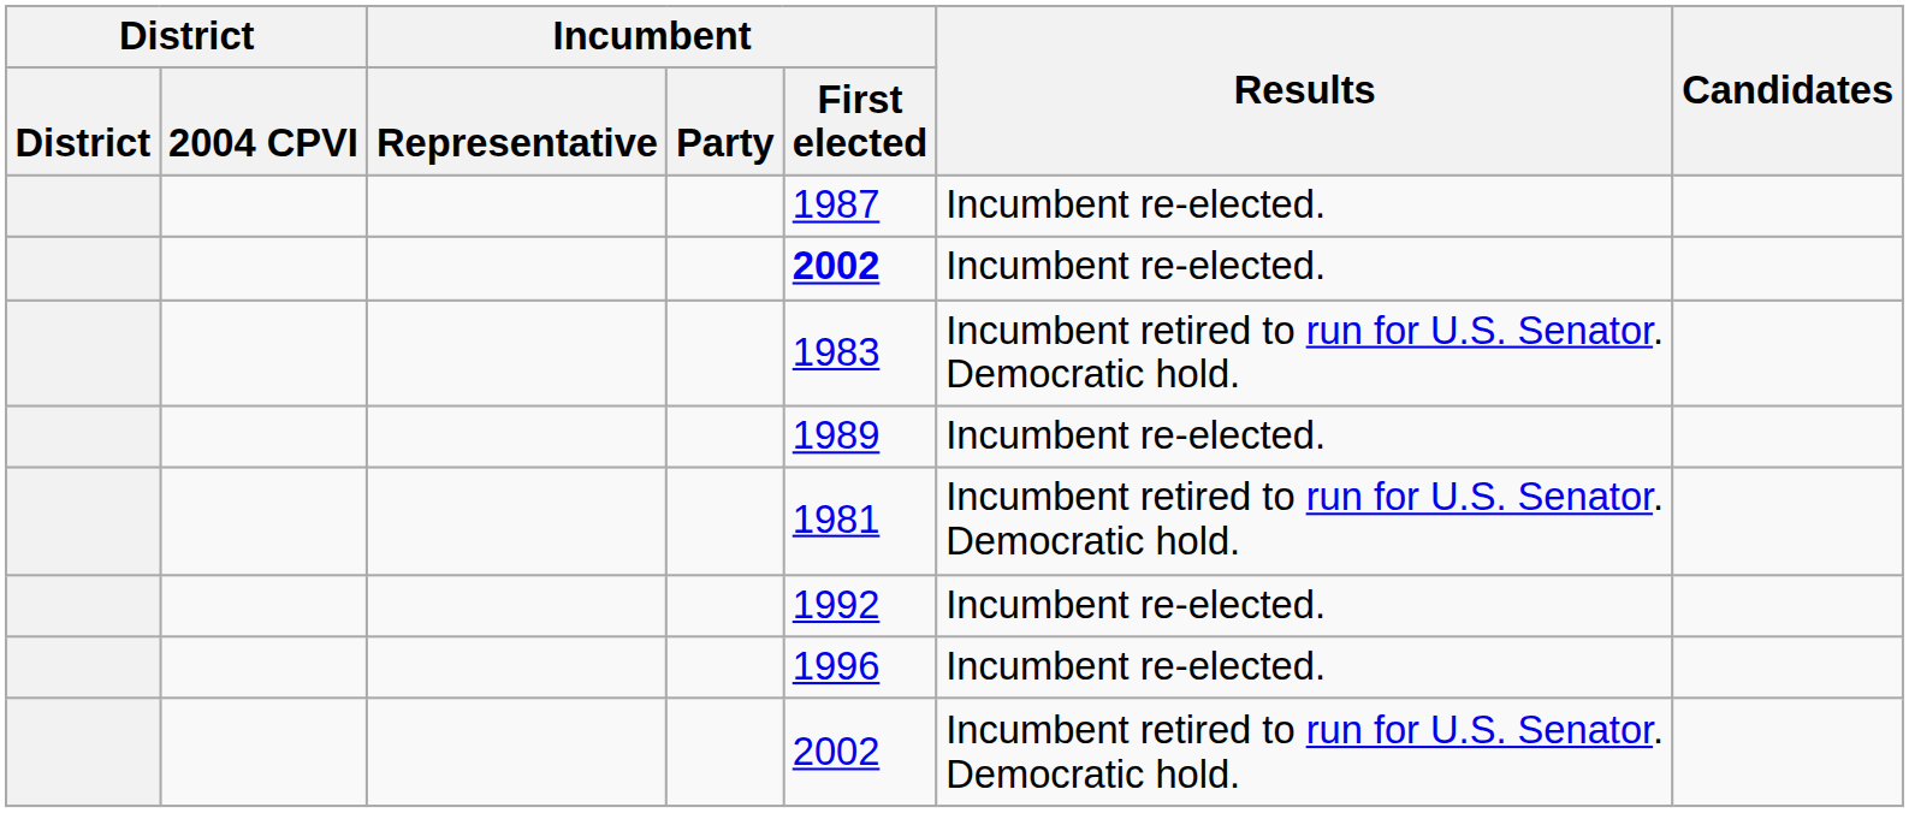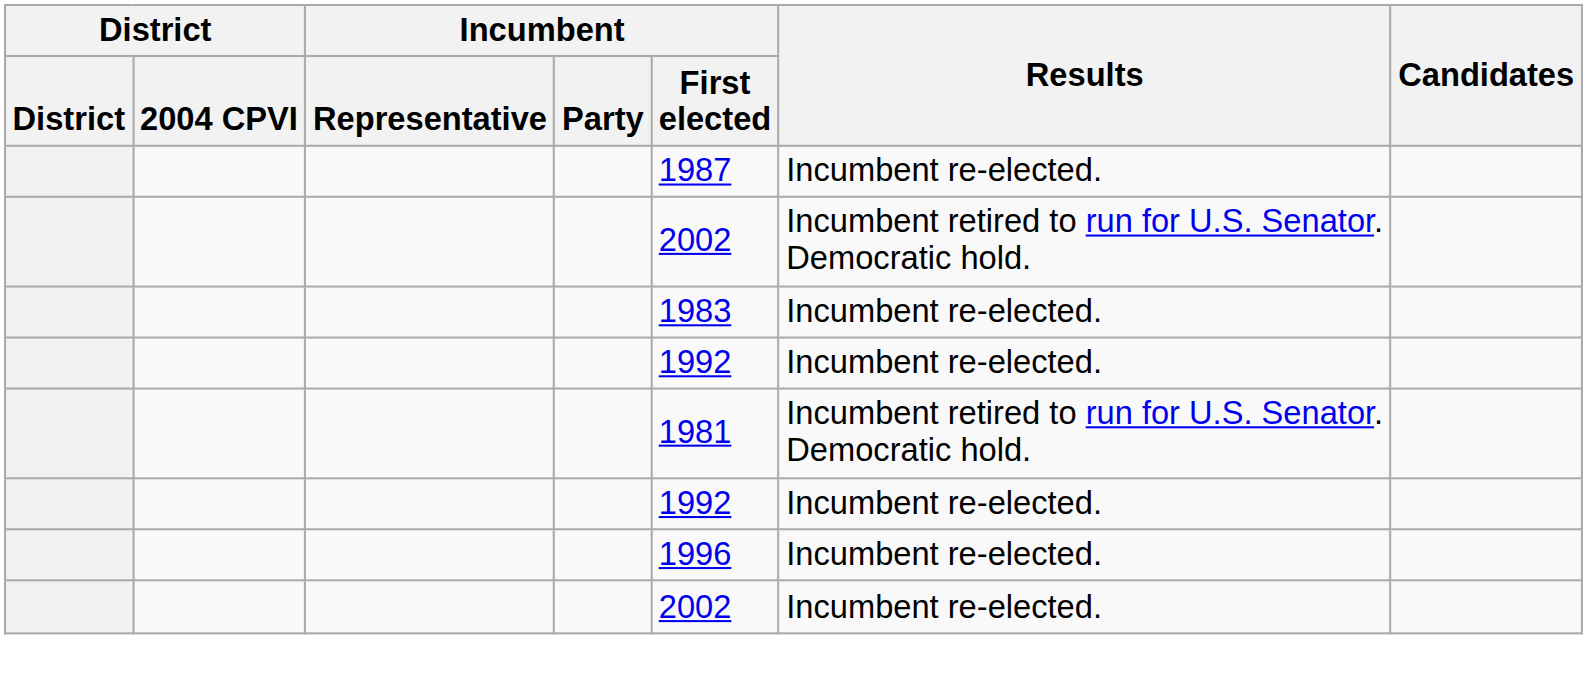 <table class="wikitable sortable">
 <tr>
 <th colspan=2>District</th>
 <th colspan=3>Incumbent</th>
 <th rowspan=2>Results</th>
 <th rowspan=2>Candidates</th>
 </tr>
 <tr valign=bottom>
 <th>District</th>
 <th>2004 CPVI</th>
 <th>Representative</th>
 <th>Party</th>
 <th>First<br>elected</th>
 </tr>
 <tr>
 <th></th>
 <td></td>
 <td></td>
 <td></td>
 <td><a href='#'>1987</a></td>
 <td>Incumbent re-elected.</td>
 <td nowrap></td>
 </tr>
 <tr>
 <th></th>
 <td></td>
 <td></td>
 <td></td>
-<td><strong><a href='#'>2002</a></strong></td>
+<td><a href='#'>2002</a></td>
+<td>Incumbent retired to <a href='#'>run for U.S. Senator</a>.<br>Democratic hold.</td>
+<td nowrap></td>
+</tr>
+<tr>
+<th></th>
+<td></td>
+<td></td>
+<td></td>
+<td><a href='#'>1983</a></td>
 <td>Incumbent re-elected.</td>
 <td nowrap></td>
 </tr>
 <tr>
 <th></th>
 <td></td>
 <td></td>
 <td></td>
-<td><a href='#'>1983</a></td>
-<td>Incumbent retired to <a href='#'>run for U.S. Senator</a>.<br>Democratic hold.</td>
-<td nowrap></td>
-</tr>
-<tr>
-<th></th>
-<td></td>
-<td></td>
-<td></td>
-<td><a href='#'>1989</a></td>
+<td><a href='#'>1992</a></td>
 <td>Incumbent re-elected.</td>
 <td nowrap></td>
 </tr>
 <tr>
 <th></th>
 <td></td>
 <td></td>
 <td></td>
 <td><a href='#'>1981</a></td>
 <td>Incumbent retired to <a href='#'>run for U.S. Senator</a>.<br>Democratic hold.</td>
 <td nowrap></td>
 </tr>
 <tr>
 <th></th>
 <td></td>
 <td></td>
 <td></td>
 <td><a href='#'>1992</a></td>
 <td>Incumbent re-elected.</td>
 <td nowrap></td>
 </tr>
 <tr>
 <th></th>
 <td></td>
 <td></td>
 <td></td>
 <td><a href='#'>1996</a></td>
 <td>Incumbent re-elected.</td>
 <td nowrap></td>
 </tr>
 <tr>
 <th></th>
 <td></td>
 <td></td>
 <td></td>
 <td><a href='#'>2002</a></td>
-<td>Incumbent retired to <a href='#'>run for U.S. Senator</a>.<br>Democratic hold.</td>
+<td>Incumbent re-elected.</td>
 <td nowrap></td>
 </tr>
 </table>
